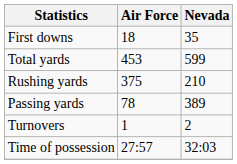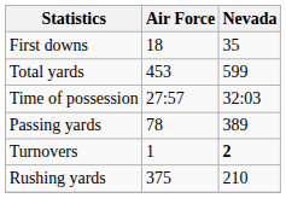 <table class="wikitable">
 <tr>
 <th>Statistics</th>
 <th>Air Force</th>
 <th>Nevada</th>
 </tr>
 <tr>
 <td>First downs</td>
 <td>18</td>
 <td>35</td>
 </tr>
 <tr>
 <td>Total yards</td>
 <td>453</td>
 <td>599</td>
 </tr>
 <tr>
-<td>Rushing yards</td>
-<td>375</td>
-<td>210</td>
+<td>Time of possession</td>
+<td>27:57</td>
+<td>32:03</td>
 </tr>
 <tr>
 <td>Passing yards</td>
 <td>78</td>
 <td>389</td>
 </tr>
 <tr>
 <td>Turnovers</td>
 <td>1</td>
-<td>2</td>
+<td><strong>2</strong></td>
 </tr>
 <tr>
-<td>Time of possession</td>
-<td>27:57</td>
-<td>32:03</td>
+<td>Rushing yards</td>
+<td>375</td>
+<td>210</td>
 </tr>
 <tr>
 </tr>
 </table>
